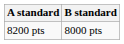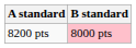 <table class="wikitable" border="1" align="upright">
 <tr>
 <th>A standard</th>
 <th>B standard</th>
 </tr>
 <tr>
 <td>8200 pts</td>
-<td>8000 pts</td>
+<td style="background: pink;">8000 pts</td>
 </tr>
 </table>
